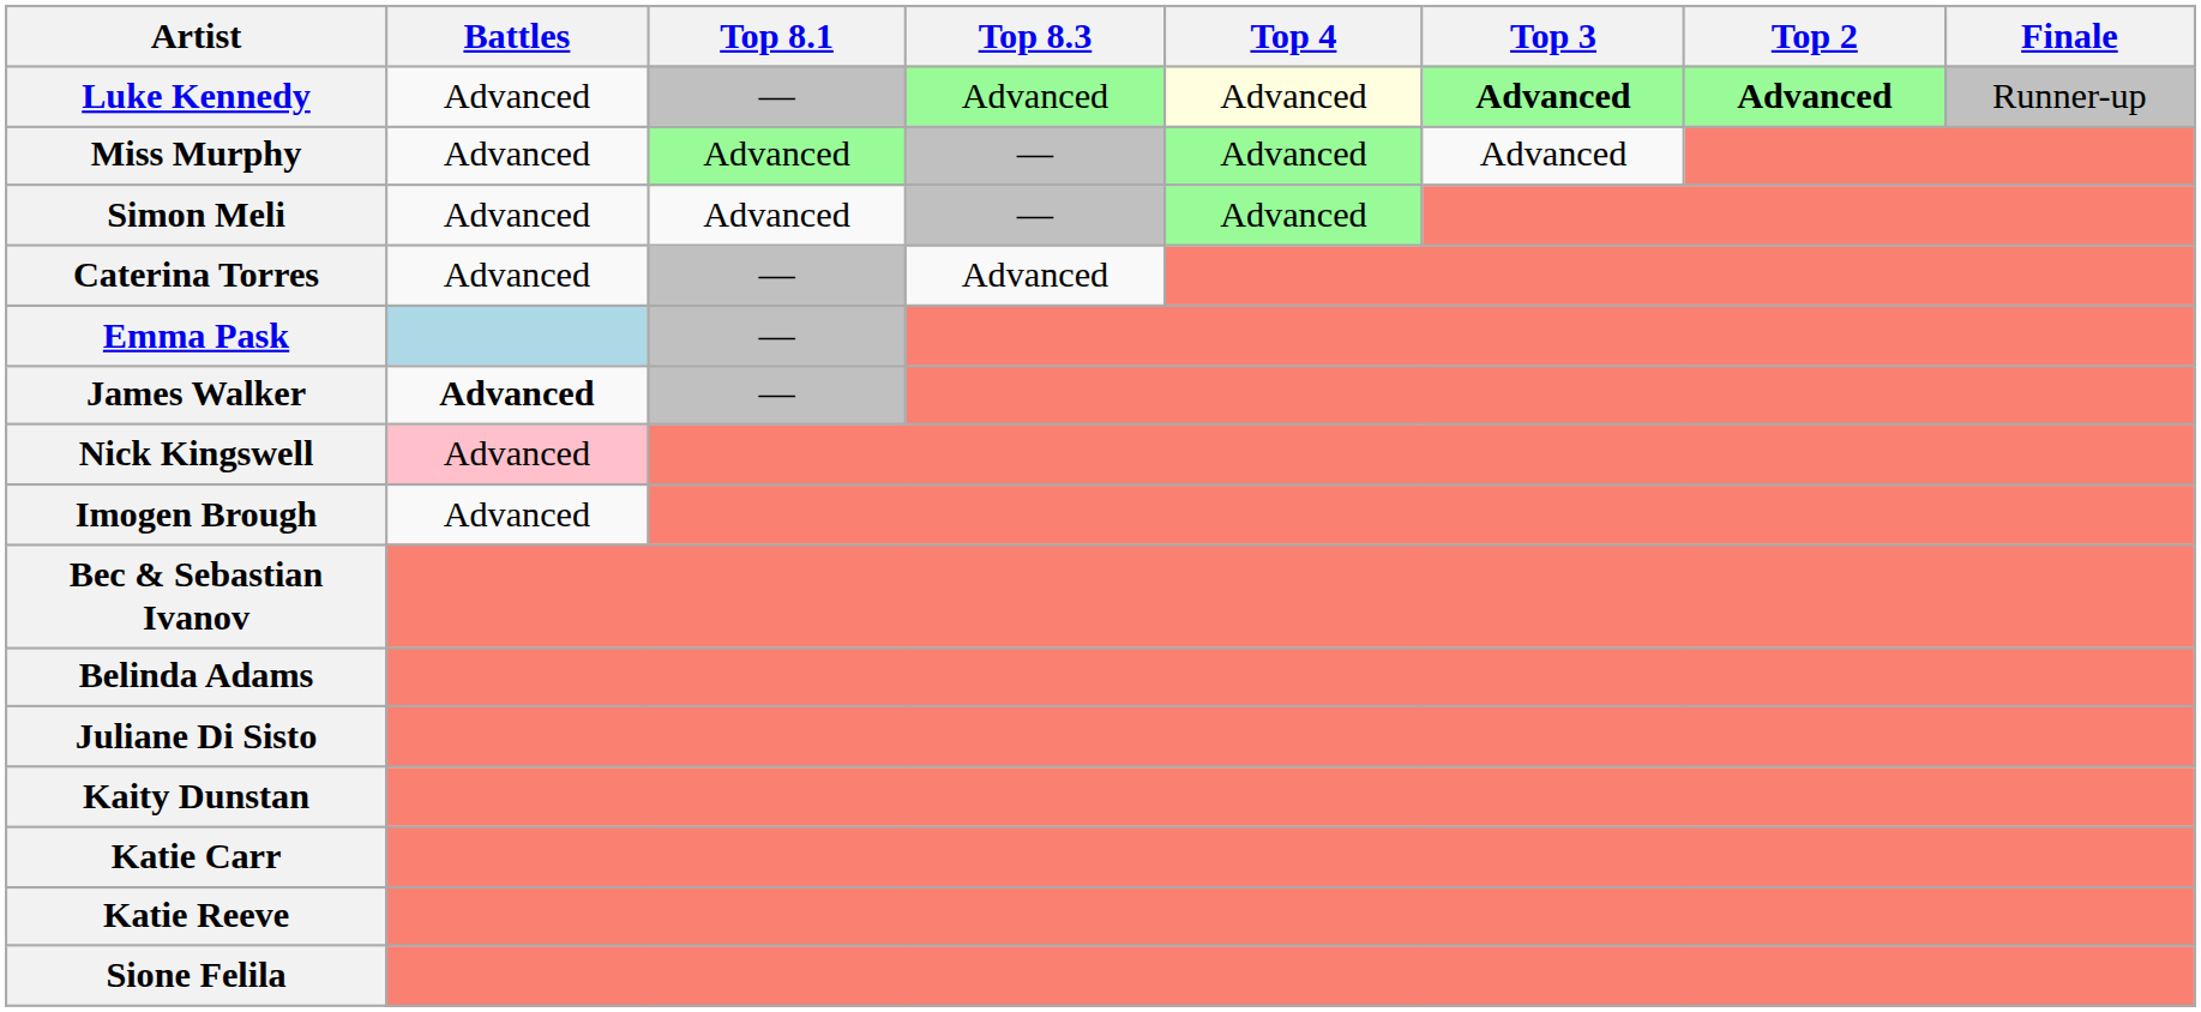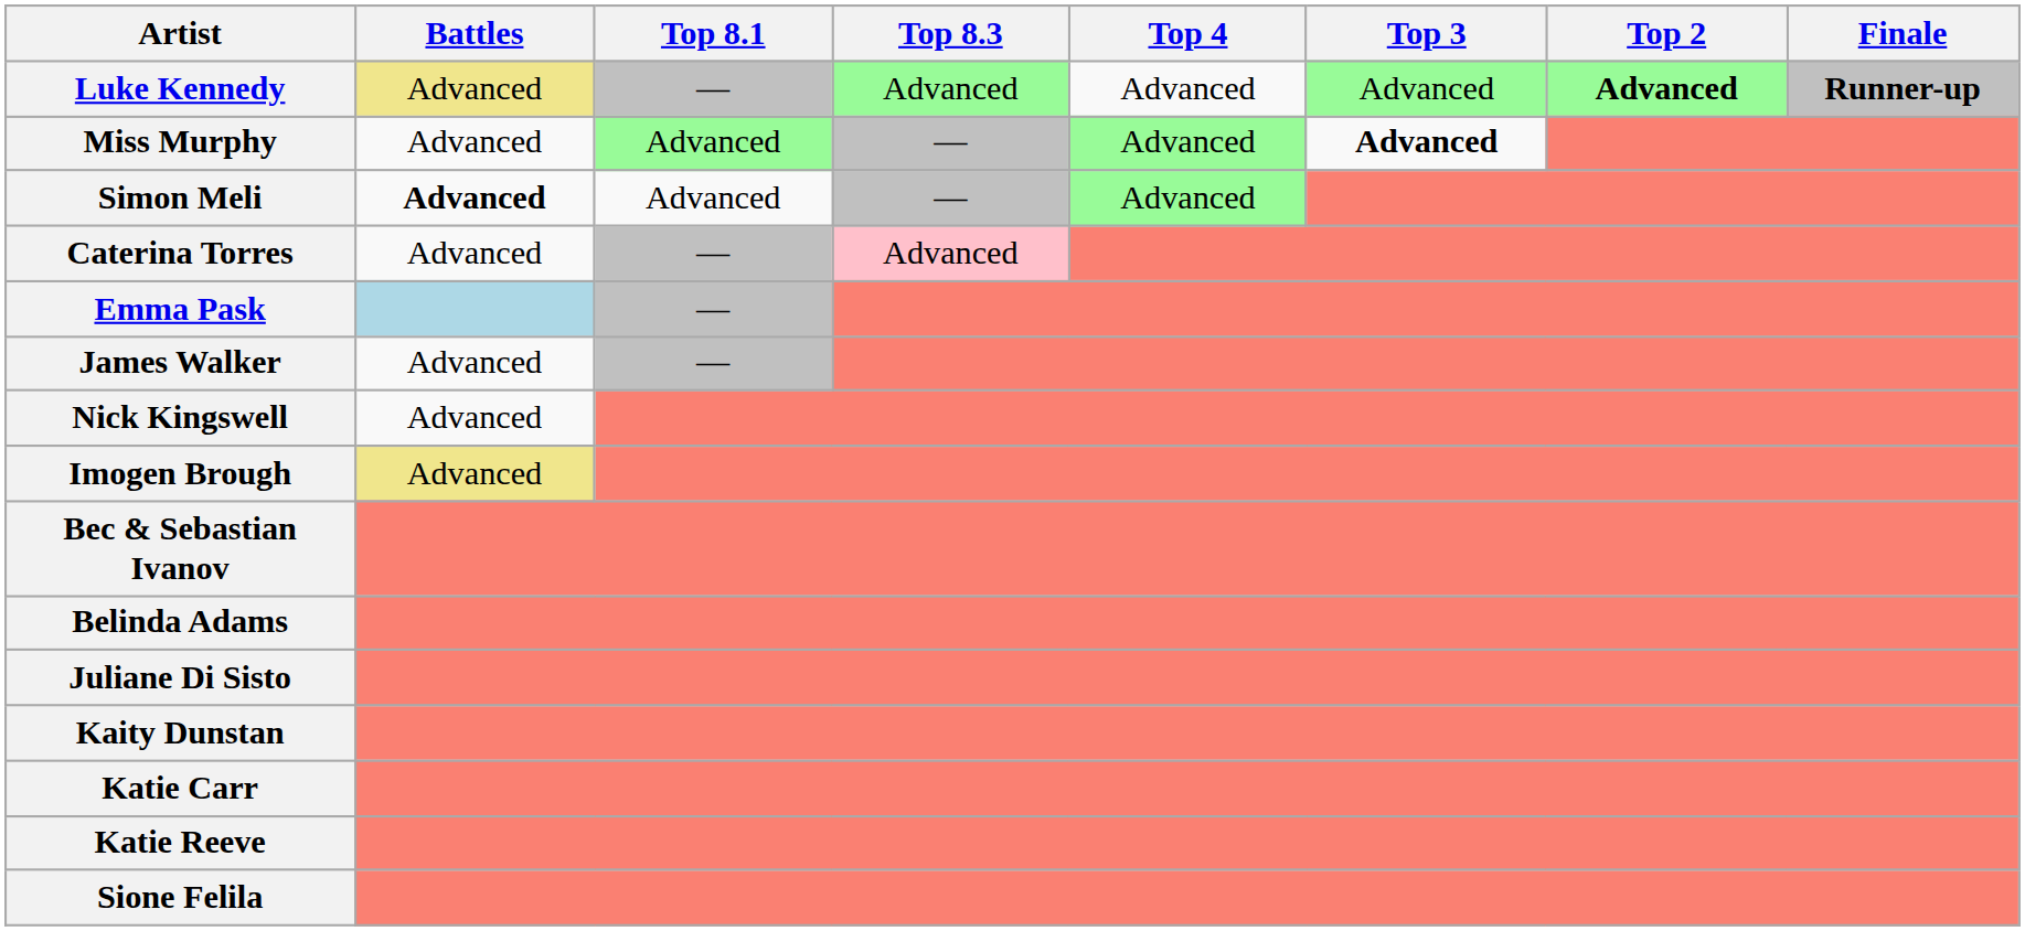 <table class="wikitable plainrowheaders"  style="text-align:center; font-size:90%;">
 <tr>
 <th style="width:13em;">Artist</th>
 <th style="width:8em;"><a href='#'>Battles</a></th>
 <th style="width:8em;"><a href='#'>Top 8.1</a></th>
 <th style="width:8em;"><a href='#'>Top 8.3</a></th>
 <th style="width:8em;"><a href='#'>Top 4</a></th>
 <th style="width:8em;"><a href='#'>Top 3</a></th>
 <th style="width:8em;"><a href='#'>Top 2</a></th>
 <th style="width:8em;"><a href='#'>Finale</a></th>
 </tr>
 <tr>
 <th><a href='#'>Luke Kennedy</a></th>
-<td>Advanced</td>
+<td style="background: khaki;">Advanced</td>
 <td style="background:silver;">—</td>
 <td style="background:palegreen">Advanced</td>
-<td style="background: lightyellow;">Advanced</td>
+<td>Advanced</td>
+<td style="background:palegreen">Advanced</td>
 <td style="background:palegreen"><strong>Advanced</strong></td>
-<td style="background:palegreen"><strong>Advanced</strong></td>
-<td style="background:silver">Runner-up</td>
+<td style="background:silver"><strong>Runner-up</strong></td>
 </tr>
 <tr>
 <th>Miss Murphy</th>
 <td>Advanced</td>
 <td style="background:palegreen">Advanced</td>
 <td style="background:silver;">—</td>
 <td style="background:palegreen">Advanced</td>
-<td>Advanced</td>
+<td><strong>Advanced</strong></td>
 <td colspan=5 style="background:salmon"></td>
 </tr>
 <tr>
 <th>Simon Meli</th>
-<td>Advanced</td>
+<td><strong>Advanced</strong></td>
 <td>Advanced</td>
 <td style="background:silver;">—</td>
 <td style="background:palegreen">Advanced</td>
 <td colspan=5 style="background:salmon"></td>
 </tr>
 <tr>
 <th>Caterina Torres</th>
 <td>Advanced</td>
 <td style="background:silver;">—</td>
-<td>Advanced</td>
+<td style="background: pink;">Advanced</td>
 <td colspan=5 style="background:salmon"></td>
 </tr>
 <tr>
 <th><a href='#'>Emma Pask</a></th>
 <td style="background:lightblue"></td>
 <td style="background:silver;">—</td>
 <td colspan=5 style="background:salmon"></td>
 </tr>
 <tr>
 <th>James Walker</th>
-<td><strong>Advanced</strong></td>
+<td>Advanced</td>
 <td style="background:silver;">—</td>
 <td colspan=5 style="background:salmon"></td>
 </tr>
 <tr>
 <th>Nick Kingswell</th>
-<td style="background: pink;">Advanced</td>
+<td>Advanced</td>
 <td colspan=7 style="background:salmon"></td>
 </tr>
 <tr>
 <th>Imogen Brough</th>
-<td>Advanced</td>
+<td style="background: khaki;">Advanced</td>
 <td colspan=7 style="background:salmon"></td>
 </tr>
 <tr>
 <th>Bec & Sebastian Ivanov</th>
 <td colspan=7 style="background:salmon"></td>
 </tr>
 <tr>
 <th>Belinda Adams</th>
 <td colspan=7 style="background:salmon"></td>
 </tr>
 <tr>
 <th>Juliane Di Sisto</th>
 <td colspan=7 style="background:salmon"></td>
 </tr>
 <tr>
 <th>Kaity Dunstan</th>
 <td colspan=7 style="background:salmon"></td>
 </tr>
 <tr>
 <th>Katie Carr</th>
 <td colspan=7 style="background:salmon"></td>
 </tr>
 <tr>
 <th>Katie Reeve</th>
 <td colspan=7 style="background:salmon"></td>
 </tr>
 <tr>
 <th>Sione Felila</th>
 <td colspan=7 style="background:salmon"></td>
 </tr>
 </table>
